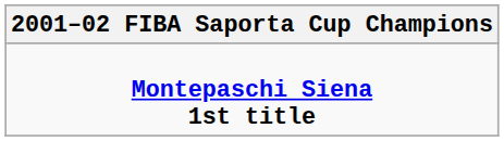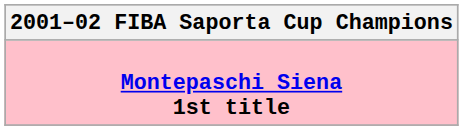 <table class=wikitable style="text-align:center; margin:auto">
 <tr>
 <th>2001–02 FIBA Saporta Cup Champions</th>
 </tr>
 <tr>
-<td><br>  <strong><a href='#'>Montepaschi Siena</a></strong> <br> <strong>1st title</strong></td>
+<td style="background: pink;"><br>  <strong><a href='#'>Montepaschi Siena</a></strong> <br> <strong>1st title</strong></td>
 </tr>
 </table>
